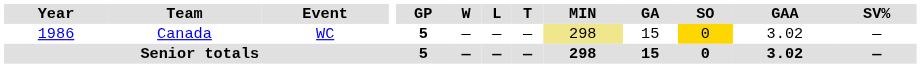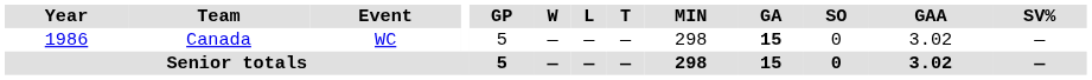 <table border="0" cellpadding="1" cellspacing="0" ID="Table3" style="text-align:center; width:60em">
 <tr ALIGN="center" bgcolor="#e0e0e0">
 <th>Year</th>
 <th>Team</th>
 <th>Event</th>
 <th rowspan="99" bgcolor="#ffffff"></th>
 <th>GP</th>
 <th>W</th>
 <th>L</th>
 <th>T</th>
 <th>MIN</th>
 <th>GA</th>
 <th>SO</th>
 <th>GAA</th>
 <th>SV%</th>
 </tr>
 <tr>
 <td><a href='#'>1986</a></td>
 <td><a href='#'>Canada</a></td>
 <td><a href='#'>WC</a></td>
-<td><strong>5</strong></td>
+<td>5</td>
 <td>—</td>
 <td>—</td>
 <td>—</td>
-<td style="background: khaki;">298</td>
-<td>15</td>
-<td style="background: gold;">0</td>
+<td>298</td>
+<td><strong>15</strong></td>
+<td>0</td>
 <td>3.02</td>
 <td>—</td>
 </tr>
 <tr bgcolor="#e0e0e0">
 <th colspan=4>Senior totals</th>
 <th>5</th>
 <th>—</th>
 <th>—</th>
 <th>—</th>
 <th>298</th>
 <th>15</th>
 <th>0</th>
 <th>3.02</th>
 <th>—</th>
 </tr>
 </table>
